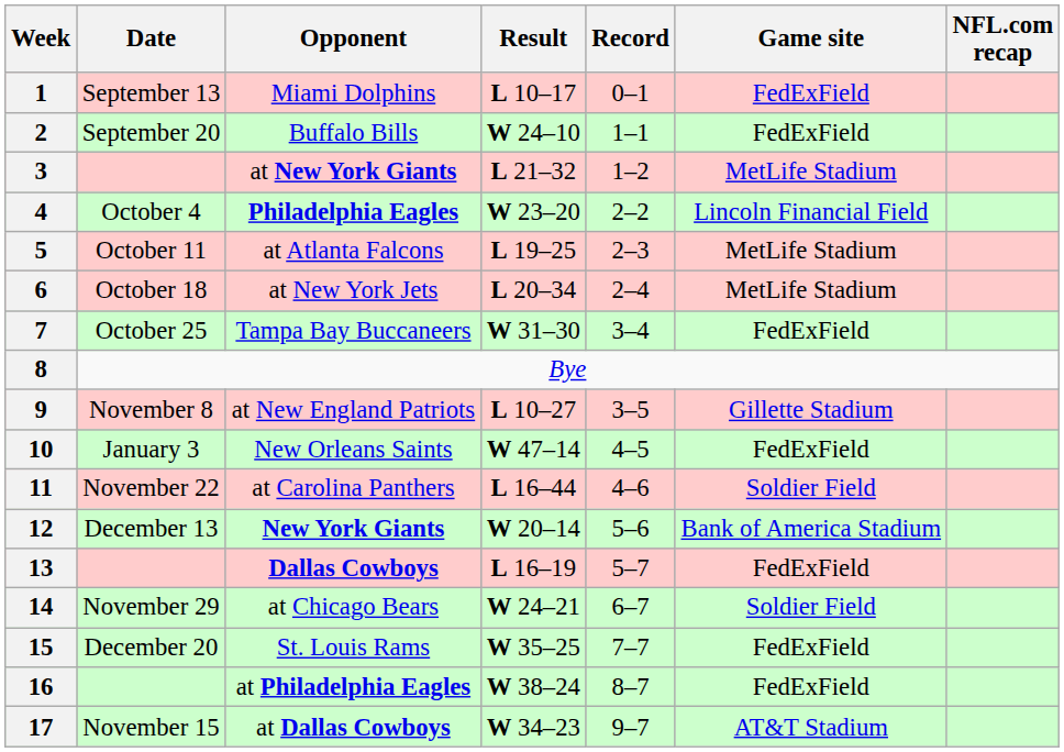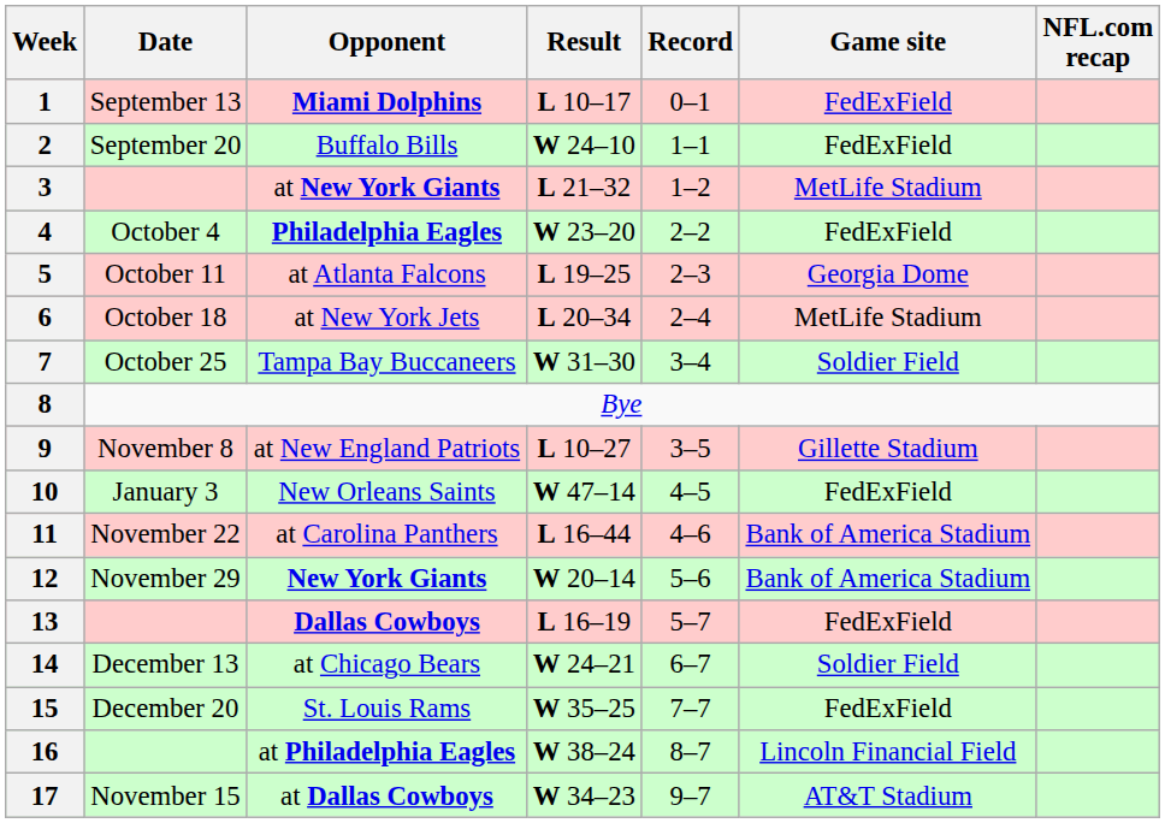 <table class="wikitable" style="text-align:center">
 <tr>
 <th>Week</th>
 <th>Date</th>
 <th>Opponent</th>
 <th>Result</th>
 <th>Record</th>
 <th>Game site</th>
 <th>NFL.com<br>recap</th>
 </tr>
 <tr style="background:#fcc">
 <th>1</th>
 <td>September 13</td>
-<td><a href='#'>Miami Dolphins</a></td>
+<td><strong><a href='#'>Miami Dolphins</a></strong></td>
 <td><strong>L</strong> 10–17</td>
 <td>0–1</td>
 <td><a href='#'>FedExField</a></td>
 <td></td>
 </tr>
 <tr style="background:#cfc">
 <th>2</th>
 <td>September 20</td>
 <td><a href='#'>Buffalo Bills</a></td>
 <td><strong>W</strong> 24–10</td>
 <td>1–1</td>
 <td>FedExField</td>
 <td></td>
 </tr>
 <tr style="background:#fcc">
 <th>3</th>
 <td></td>
 <td>at <strong><a href='#'>New York Giants</a></strong></td>
 <td><strong>L</strong> 21–32</td>
 <td>1–2</td>
 <td><a href='#'>MetLife Stadium</a></td>
 <td></td>
 </tr>
 <tr style="background:#cfc">
 <th>4</th>
 <td>October 4</td>
 <td><strong><a href='#'>Philadelphia Eagles</a></strong></td>
 <td><strong>W</strong> 23–20</td>
 <td>2–2</td>
-<td><a href='#'>Lincoln Financial Field</a></td>
+<td>FedExField</td>
 <td></td>
 </tr>
 <tr style="background:#fcc">
 <th>5</th>
 <td>October 11</td>
 <td>at <a href='#'>Atlanta Falcons</a></td>
 <td><strong>L</strong> 19–25 </td>
 <td>2–3</td>
-<td>MetLife Stadium</td>
+<td><a href='#'>Georgia Dome</a></td>
 <td></td>
 </tr>
 <tr style="background:#fcc">
 <th>6</th>
 <td>October 18</td>
 <td>at <a href='#'>New York Jets</a></td>
 <td><strong>L</strong> 20–34</td>
 <td>2–4</td>
 <td>MetLife Stadium</td>
 <td></td>
 </tr>
 <tr style="background:#cfc">
 <th>7</th>
 <td>October 25</td>
 <td><a href='#'>Tampa Bay Buccaneers</a></td>
 <td><strong>W</strong> 31–30</td>
 <td>3–4</td>
-<td>FedExField</td>
+<td><a href='#'>Soldier Field</a></td>
 <td></td>
 </tr>
 <tr>
 <th>8</th>
 <td colspan=8><em><a href='#'>Bye</a></em></td>
 </tr>
 <tr style="background:#fcc">
 <th>9</th>
 <td>November 8</td>
 <td>at <a href='#'>New England Patriots</a></td>
 <td><strong>L</strong> 10–27</td>
 <td>3–5</td>
 <td><a href='#'>Gillette Stadium</a></td>
 <td></td>
 </tr>
 <tr style="background:#cfc">
 <th>10</th>
 <td>January 3</td>
 <td><a href='#'>New Orleans Saints</a></td>
 <td><strong>W</strong> 47–14</td>
 <td>4–5</td>
 <td>FedExField</td>
 <td></td>
 </tr>
 <tr style="background:#fcc">
 <th>11</th>
 <td>November 22</td>
 <td>at <a href='#'>Carolina Panthers</a></td>
 <td><strong>L</strong> 16–44</td>
 <td>4–6</td>
-<td><a href='#'>Soldier Field</a></td>
+<td><a href='#'>Bank of America Stadium</a></td>
 <td></td>
 </tr>
 <tr style="background:#cfc">
 <th>12</th>
-<td>December 13</td>
+<td>November 29</td>
 <td><strong><a href='#'>New York Giants</a></strong></td>
 <td><strong>W</strong> 20–14</td>
 <td>5–6</td>
 <td><a href='#'>Bank of America Stadium</a></td>
 <td></td>
 </tr>
 <tr style="background:#fcc">
 <th>13</th>
 <td></td>
 <td><strong><a href='#'>Dallas Cowboys</a></strong></td>
 <td><strong>L</strong> 16–19</td>
 <td>5–7</td>
 <td>FedExField</td>
 <td></td>
 </tr>
 <tr style="background:#cfc">
 <th>14</th>
-<td>November 29</td>
+<td>December 13</td>
 <td>at <a href='#'>Chicago Bears</a></td>
 <td><strong>W</strong> 24–21</td>
 <td>6–7</td>
 <td><a href='#'>Soldier Field</a></td>
 <td></td>
 </tr>
 <tr style="background:#cfc">
 <th>15</th>
 <td>December 20</td>
 <td><a href='#'>St. Louis Rams</a></td>
 <td><strong>W</strong> 35–25</td>
 <td>7–7</td>
 <td>FedExField</td>
 <td></td>
 </tr>
 <tr style="background:#cfc">
 <th>16</th>
 <td></td>
 <td>at <strong><a href='#'>Philadelphia Eagles</a></strong></td>
 <td><strong>W</strong> 38–24</td>
 <td>8–7</td>
-<td>FedExField</td>
+<td><a href='#'>Lincoln Financial Field</a></td>
 <td></td>
 </tr>
 <tr style="background:#cfc">
 <th>17</th>
 <td>November 15</td>
 <td>at <strong><a href='#'>Dallas Cowboys</a></strong></td>
 <td><strong>W</strong> 34–23</td>
 <td>9–7</td>
 <td><a href='#'>AT&T Stadium</a></td>
 <td></td>
 </tr>
 </table>
